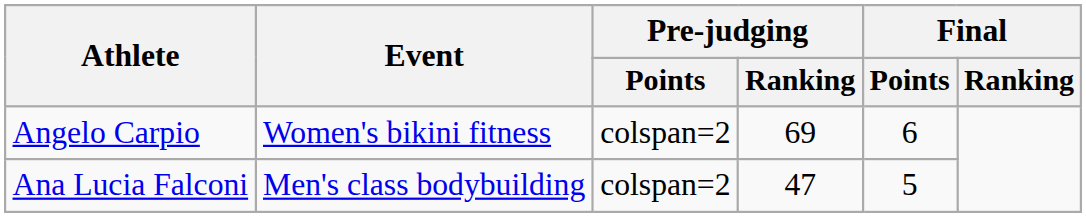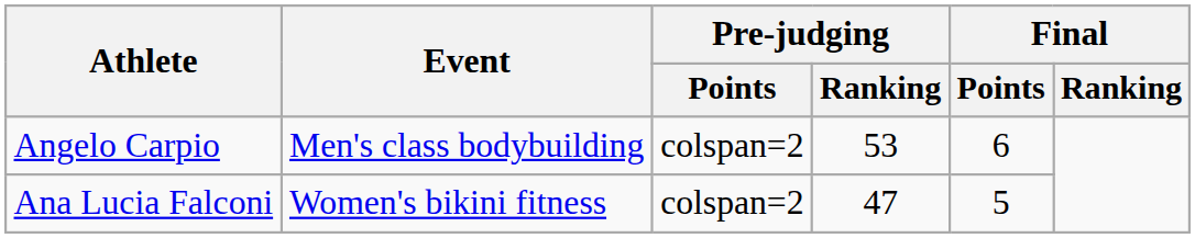 <table class=wikitable style="font-size:90%">
 <tr>
 <th rowspan="2">Athlete</th>
 <th rowspan="2">Event</th>
 <th colspan="2">Pre-judging</th>
 <th colspan="2">Final</th>
 </tr>
 <tr style="font-size:95%">
 <th>Points</th>
 <th>Ranking</th>
 <th>Points</th>
 <th>Ranking</th>
 </tr>
 <tr align=center>
 <td align=left><a href='#'>Angelo Carpio</a></td>
-<td align=left><a href='#'>Women's bikini fitness</a></td>
+<td align=left><a href='#'>Men's class bodybuilding</a></td>
 <td>colspan=2 </td>
-<td>69</td>
+<td>53</td>
 <td>6</td>
 </tr>
 <tr align=center>
 <td align=left><a href='#'>Ana Lucia Falconi</a></td>
-<td align=left><a href='#'>Men's class bodybuilding</a></td>
+<td align=left><a href='#'>Women's bikini fitness</a></td>
 <td>colspan=2 </td>
 <td>47</td>
 <td>5</td>
 </tr>
 </table>
